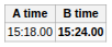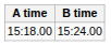 <table class="wikitable" border="1" align="upright">
 <tr>
 <th>A time</th>
 <th>B time</th>
 </tr>
 <tr>
 <td>15:18.00</td>
-<td><strong>15:24.00</strong></td>
+<td>15:24.00</td>
 </tr>
 </table>
